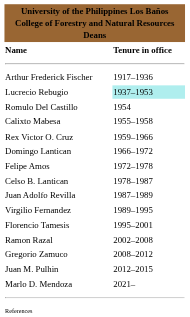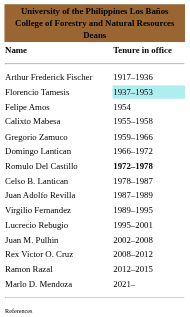 <table class="toccolours" style="float:right; margin-left:1em; font-size:90%; line-height:1.4em; width:300px;">
 <tr>
 <th colspan="2" style="text-align: center;background-color:#996633"><strong>University of the Philippines Los Baños<br>College of Forestry and Natural Resources Deans</strong></th>
 </tr>
 <tr>
 <td><strong>Name</strong></td>
 <td><strong>Tenure in office</strong></td>
 </tr>
 <tr>
 <td colspan="2"><hr></td>
 </tr>
 <tr>
 <td>Arthur Frederick Fischer</td>
 <td>1917–1936</td>
 </tr>
 <tr>
-<td>Lucrecio Rebugio</td>
+<td>Florencio Tamesis</td>
 <td style="background: paleturquoise;">1937–1953</td>
 </tr>
 <tr>
-<td>Romulo Del Castillo</td>
+<td>Felipe Amos</td>
 <td>1954</td>
 </tr>
 <tr>
 <td>Calixto Mabesa</td>
 <td>1955–1958</td>
 </tr>
 <tr>
-<td>Rex Victor O. Cruz</td>
+<td>Gregorio Zamuco</td>
 <td>1959–1966</td>
 </tr>
 <tr>
 <td>Domingo Lantican</td>
 <td>1966–1972</td>
 </tr>
 <tr>
-<td>Felipe Amos</td>
-<td>1972–1978</td>
+<td>Romulo Del Castillo</td>
+<td><strong>1972–1978</strong></td>
 </tr>
 <tr>
 <td>Celso B. Lantican</td>
 <td>1978–1987</td>
 </tr>
 <tr>
 <td>Juan Adolfo Revilla</td>
 <td>1987–1989</td>
 </tr>
 <tr>
 <td>Virgilio Fernandez</td>
 <td>1989–1995</td>
 </tr>
 <tr>
-<td>Florencio Tamesis</td>
+<td>Lucrecio Rebugio</td>
 <td>1995–2001</td>
 </tr>
 <tr>
-<td>Ramon Razal</td>
+<td>Juan M. Pulhin</td>
 <td>2002–2008</td>
 </tr>
 <tr>
-<td>Gregorio Zamuco</td>
+<td>Rex Victor O. Cruz</td>
 <td>2008–2012</td>
 </tr>
 <tr>
-<td>Juan M. Pulhin</td>
+<td>Ramon Razal</td>
 <td>2012–2015</td>
 </tr>
 <tr>
 <td>Marlo D. Mendoza</td>
 <td>2021–</td>
 </tr>
 <tr>
 <td colspan="2"><hr></td>
 </tr>
 <tr>
 <td style="font-size:70%">References</td>
 <td></td>
 </tr>
 </table>
